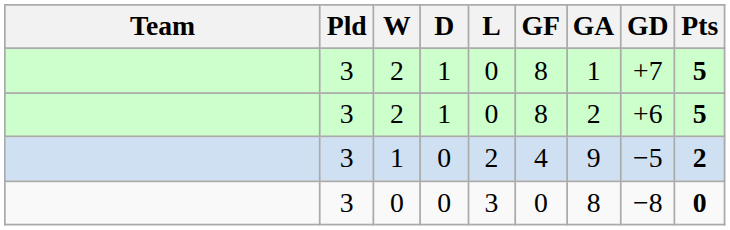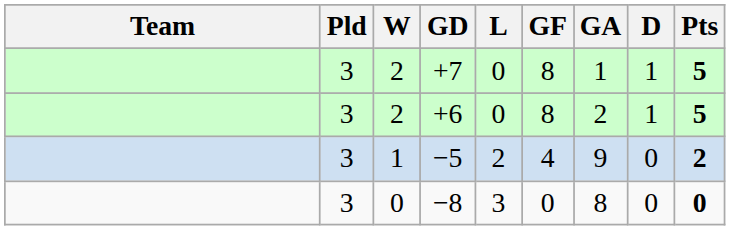 <table class="wikitable" style="text-align: center;">
 <tr>
 <th width=175>Team</th>
 <th width=20>Pld</th>
 <th width=20>W</th>
-<th width=20>D</th>
+<th width=20>GD</th>
 <th width=20>L</th>
 <th width=20>GF</th>
 <th width=20>GA</th>
-<th width=20>GD</th>
+<th width=20>D</th>
 <th width=20>Pts</th>
 </tr>
 <tr style="background:#ccffcc;">
 <td style="text-align:left;"></td>
 <td>3</td>
 <td>2</td>
-<td>1</td>
+<td>+7</td>
 <td>0</td>
 <td>8</td>
 <td>1</td>
-<td>+7</td>
+<td>1</td>
 <td><strong>5</strong></td>
 </tr>
 <tr style="background:#ccffcc;">
 <td style="text-align:left;"></td>
 <td>3</td>
 <td>2</td>
-<td>1</td>
+<td>+6</td>
 <td>0</td>
 <td>8</td>
 <td>2</td>
-<td>+6</td>
+<td>1</td>
 <td><strong>5</strong></td>
 </tr>
 <tr style="background:#CEE0F2;">
 <td style="text-align:left;"></td>
 <td>3</td>
 <td>1</td>
-<td>0</td>
+<td>−5</td>
 <td>2</td>
 <td>4</td>
 <td>9</td>
-<td>−5</td>
+<td>0</td>
 <td><strong>2</strong></td>
 </tr>
 <tr>
 <td style="text-align:left;"></td>
 <td>3</td>
 <td>0</td>
-<td>0</td>
+<td>−8</td>
 <td>3</td>
 <td>0</td>
 <td>8</td>
-<td>−8</td>
+<td>0</td>
 <td><strong>0</strong></td>
 </tr>
 </table>
